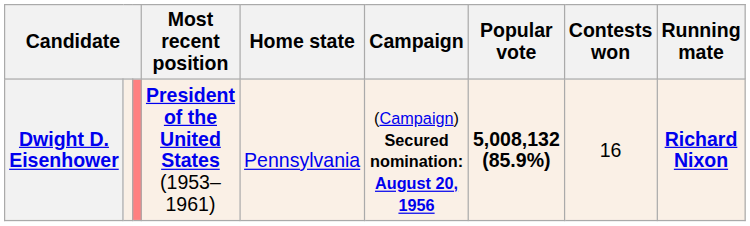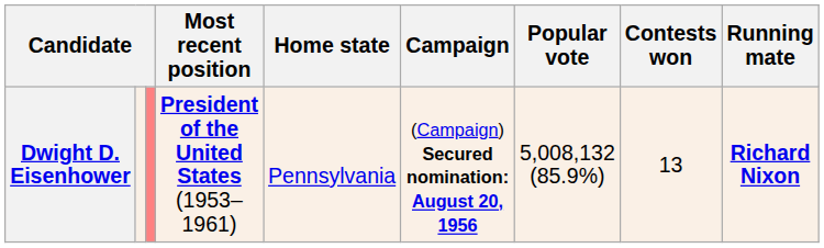 <table class="wikitable sortable" style="text-align:center;">
 <tr>
 <th colspan="3">Candidate</th>
 <th class="unsortable">Most recent position</th>
 <th>Home state</th>
 <th data-sort-type="date">Campaign</th>
 <th>Popular vote</th>
 <th>Contests won</th>
 <th>Running mate</th>
 </tr>
 <tr style="background:linen;">
 <th data-sort-="Hoover"><a href='#'>Dwight D. Eisenhower</a></th>
 <td></td>
 <td style="background:#FF8080;"></td>
 <td><strong><a href='#'>President of the United States</a></strong><br>(1953–1961)</td>
 <td><br><a href='#'>Pennsylvania</a></td>
 <td><br><small>(<a href='#'>Campaign</a>)</small><br><small><strong>Secured nomination:</strong> <strong><a href='#'>August 20, 1956</a></strong></small></td>
-<td><strong>5,008,132<br>(85.9%)</strong></td>
-<td>16</td>
+<td>5,008,132<br>(85.9%)</td>
+<td>13</td>
 <td><strong><a href='#'>Richard Nixon</a></strong></td>
 </tr>
 </table>
